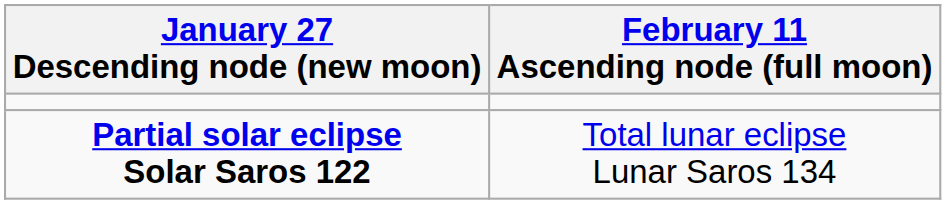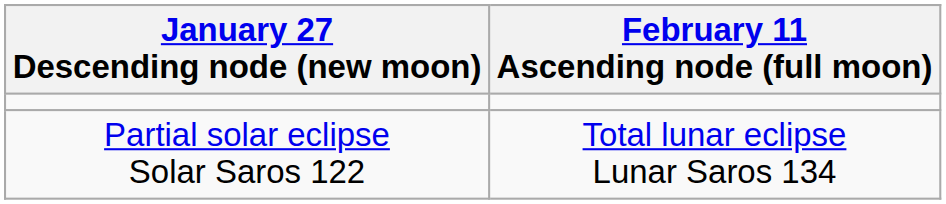 <table class="wikitable">
 <tr>
 <th><a href='#'>January 27</a><br>Descending node (new moon)<br></th>
 <th><a href='#'>February 11</a><br>Ascending node (full moon)<br></th>
 </tr>
 <tr>
 <td></td>
 <td></td>
 </tr>
 <tr align=center>
-<td><strong><a href='#'>Partial solar eclipse</a><br>Solar Saros 122</strong></td>
+<td><a href='#'>Partial solar eclipse</a><br>Solar Saros 122</td>
 <td><a href='#'>Total lunar eclipse</a><br>Lunar Saros 134</td>
 </tr>
 </table>
